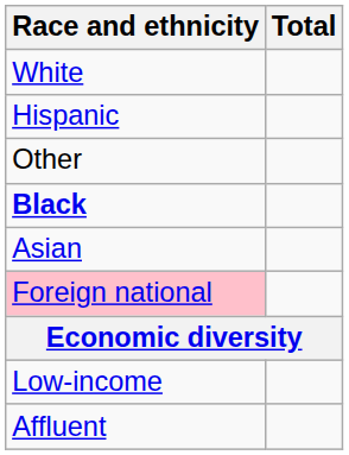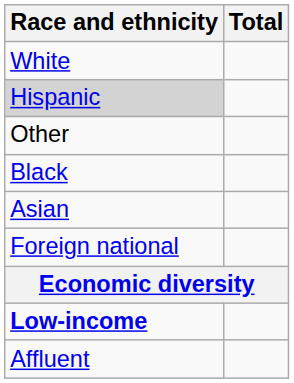 <table class="wikitable floatright sortable collapsible"; text-align:right; font-size:80%;">
 <tr>
 <th>Race and ethnicity</th>
 <th colspan="2" data-sort-type=number>Total</th>
 </tr>
 <tr>
 <td><a href='#'>White</a></td>
 <td align=right></td>
 </tr>
 <tr>
-<td><a href='#'>Hispanic</a></td>
+<td style="background: lightgrey;"><a href='#'>Hispanic</a></td>
 <td align=right></td>
 </tr>
 <tr>
 <td>Other</td>
 <td align=right></td>
 </tr>
 <tr>
-<td><strong><a href='#'>Black</a></strong></td>
+<td><a href='#'>Black</a></td>
 <td align=right></td>
 </tr>
 <tr>
 <td><a href='#'>Asian</a></td>
 <td align=right></td>
 </tr>
 <tr>
-<td style="background: pink;"><a href='#'>Foreign national</a></td>
+<td><a href='#'>Foreign national</a></td>
 <td align=right></td>
 </tr>
 <tr>
 <th colspan="4" data-sort-type=number><a href='#'>Economic diversity</a></th>
 </tr>
 <tr>
-<td><a href='#'>Low-income</a></td>
+<td><strong><a href='#'>Low-income</a></strong></td>
 <td align=right></td>
 </tr>
 <tr>
 <td><a href='#'>Affluent</a></td>
 <td align=right></td>
 </tr>
 </table>
